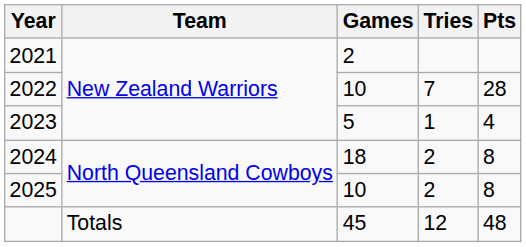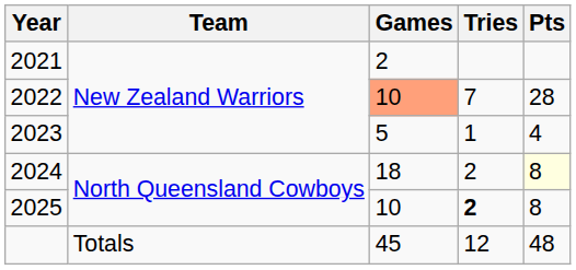 <table class="wikitable">
 <tr>
 <th>Year</th>
 <th>Team</th>
 <th>Games</th>
 <th>Tries</th>
 <th>Pts</th>
 </tr>
 <tr>
 <td>2021</td>
 <td rowspan="3"> <a href='#'>New Zealand Warriors</a></td>
 <td>2</td>
 <td></td>
 <td></td>
 </tr>
 <tr>
 <td>2022</td>
-<td>10</td>
+<td style="background: lightsalmon;">10</td>
 <td>7</td>
 <td>28</td>
 </tr>
 <tr>
 <td>2023</td>
 <td>5</td>
 <td>1</td>
 <td>4</td>
 </tr>
 <tr>
 <td>2024</td>
 <td rowspan="2"> <a href='#'>North Queensland Cowboys</a></td>
 <td>18</td>
 <td>2</td>
-<td>8</td>
+<td style="background: lightyellow;">8</td>
 </tr>
 <tr>
 <td>2025</td>
 <td>10</td>
-<td>2</td>
+<td><strong>2</strong></td>
 <td>8</td>
 </tr>
 <tr>
 <td></td>
 <td>Totals</td>
 <td>45</td>
 <td>12</td>
 <td>48</td>
 </tr>
 </table>
